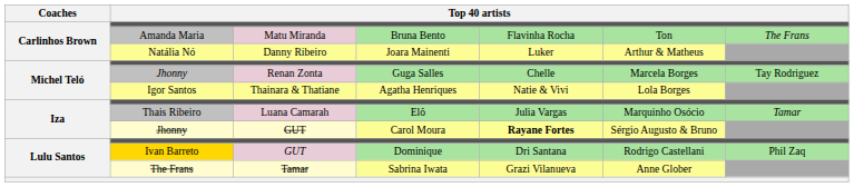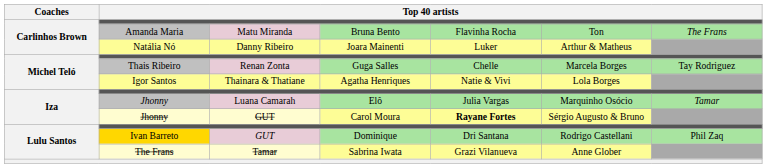 <table class="wikitable" style="text-align:center; width:100%;">
 <tr>
 <th scope="col" width="12%">Coaches</th>
 <th scope="col" width="85%" colspan=8>Top 40 artists</th>
 </tr>
 <tr>
 <th rowspan=3>Carlinhos Brown</th>
 <td colspan=7 bgcolor=555555></td>
 </tr>
 <tr>
 <td width="14%" bgcolor=#C0C0C0>Amanda Maria</td>
 <td width="14%" bgcolor=#E8CCD7>Matu Miranda</td>
 <td width="14%" bgcolor=#A8E4A0>Bruna Bento</td>
 <td bgcolor=#A8E4A0>Flavinha Rocha</td>
 <td bgcolor=#A8E4A0>Ton</td>
 <td width="14%" bgcolor=#A8E4A0><em>The Frans</em></td>
 </tr>
 <tr>
 <td bgcolor=#FDFD96>Natália Nó</td>
 <td bgcolor=#FDFD96>Danny Ribeiro</td>
 <td bgcolor=#FDFD96>Joara Mainenti</td>
 <td bgcolor=#FDFD96>Luker</td>
 <td bgcolor=#FDFD96>Arthur & Matheus</td>
 <td bgcolor=#A9A9A9 colspan="1"></td>
 </tr>
 <tr>
 <th rowspan=3>Michel Teló</th>
 <td colspan=7 bgcolor=555555></td>
 </tr>
 <tr>
-<td bgcolor=#C0C0C0><em>Jhonny</em></td>
+<td bgcolor=#C0C0C0>Thais Ribeiro</td>
 <td bgcolor=#E8CCD7>Renan Zonta</td>
 <td bgcolor=#A8E4A0>Guga Salles</td>
 <td width="14%" bgcolor=#A8E4A0>Chelle</td>
 <td bgcolor=#A8E4A0>Marcela Borges</td>
 <td bgcolor=#A8E4A0>Tay Rodriguez</td>
 </tr>
 <tr>
 <td bgcolor=#FDFD96>Igor Santos</td>
 <td bgcolor=#FDFD96>Thainara & Thatiane</td>
 <td bgcolor=#FDFD96>Agatha Henriques</td>
 <td bgcolor=#FDFD96>Natie & Vivi</td>
 <td bgcolor=#FDFD96>Lola Borges</td>
 <td bgcolor=#A9A9A9 colspan="1"></td>
 </tr>
 <tr>
 <th rowspan=3>Iza</th>
 <td colspan=7 bgcolor=555555></td>
 </tr>
 <tr>
-<td bgcolor=#C0C0C0>Thais Ribeiro</td>
+<td bgcolor=#C0C0C0><em>Jhonny</em></td>
 <td bgcolor=#E8CCD7>Luana Camarah</td>
 <td bgcolor=#A8E4A0>Elô</td>
 <td bgcolor=#A8E4A0>Julia Vargas</td>
 <td bgcolor=#A8E4A0>Marquinho Osócio</td>
 <td bgcolor=#A8E4A0><em>Tamar</em></td>
 </tr>
 <tr>
 <td bgcolor=#FFFDD0><s>Jhonny</s></td>
 <td bgcolor=#FFFDD0><s>GUT</s></td>
 <td bgcolor=#FDFD96>Carol Moura</td>
 <td bgcolor=#FDFD96><strong>Rayane Fortes</strong></td>
 <td bgcolor=#FDFD96>Sérgio Augusto & Bruno</td>
 <td bgcolor=#A9A9A9 colspan="1"></td>
 </tr>
 <tr>
 <th rowspan=3>Lulu Santos</th>
 <td colspan=7 bgcolor=555555></td>
 </tr>
 <tr>
 <td bgcolor=#FFD700>Ivan Barreto</td>
 <td bgcolor=#E8CCD7><em>GUT</em></td>
 <td bgcolor=#A8E4A0>Dominique</td>
 <td bgcolor=#A8E4A0>Dri Santana</td>
 <td width="14%" bgcolor=#A8E4A0>Rodrigo Castellani</td>
 <td bgcolor=#A8E4A0>Phil Zaq</td>
 </tr>
 <tr>
 <td bgcolor=#FFFDD0><s>The Frans</s></td>
 <td bgcolor=#FFFDD0><s>Tamar</s></td>
 <td bgcolor=#FDFD96>Sabrina Iwata</td>
 <td bgcolor=#FDFD96>Grazi Vilanueva</td>
 <td bgcolor=#FDFD96>Anne Glober</td>
 <td bgcolor=#A9A9A9 colspan="1"></td>
 </tr>
 <tr>
 <th colspan=7 style="font-size:95%; line-height:14px"></th>
 </tr>
 </table>
